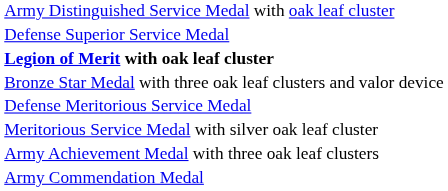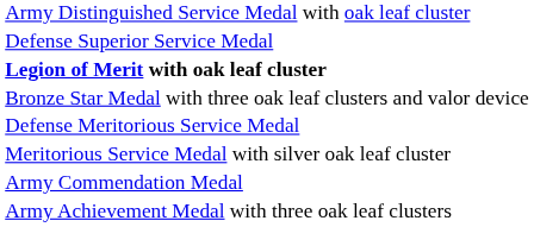 <table>
 <tr>
 <td> <a href='#'>Army Distinguished Service Medal</a> with <a href='#'>oak leaf cluster</a></td>
 </tr>
 <tr>
 <td> <a href='#'>Defense Superior Service Medal</a></td>
 </tr>
 <tr>
 <td><strong> <a href='#'>Legion of Merit</a> with oak leaf cluster</strong></td>
 </tr>
 <tr>
 <td> <a href='#'>Bronze Star Medal</a> with three oak leaf clusters and valor device</td>
 </tr>
 <tr>
 <td> <a href='#'>Defense Meritorious Service Medal</a></td>
 </tr>
 <tr>
 <td> <a href='#'>Meritorious Service Medal</a> with silver oak leaf cluster</td>
 </tr>
 <tr>
-<td> <a href='#'>Army Achievement Medal</a> with three oak leaf clusters</td>
+<td> <a href='#'>Army Commendation Medal</a></td>
 </tr>
 <tr>
-<td> <a href='#'>Army Commendation Medal</a></td>
+<td> <a href='#'>Army Achievement Medal</a> with three oak leaf clusters</td>
 </tr>
 <tr>
 </tr>
 </table>
